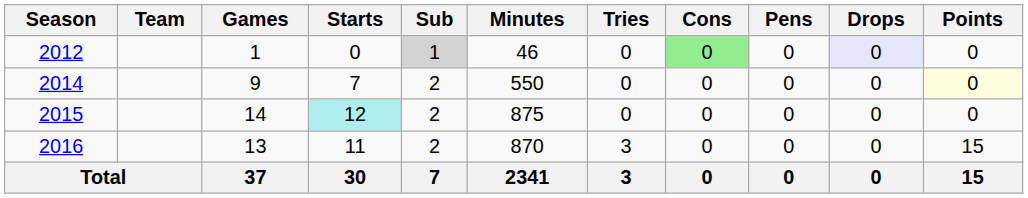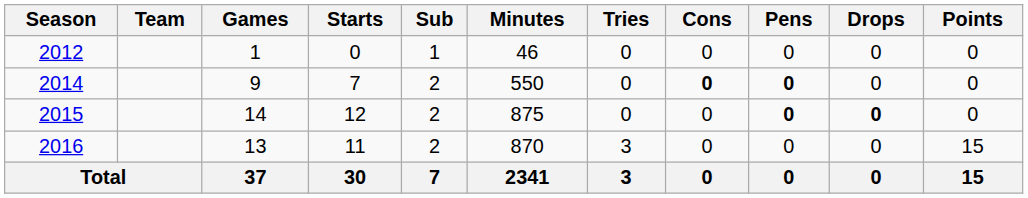 <table class="wikitable" style="text-align:center; width:65%;">
 <tr>
 <th>Season</th>
 <th>Team</th>
 <th>Games</th>
 <th>Starts</th>
 <th>Sub</th>
 <th>Minutes</th>
 <th>Tries</th>
 <th>Cons</th>
 <th>Pens</th>
 <th>Drops</th>
 <th>Points</th>
 </tr>
 <tr>
 <td><a href='#'>2012</a></td>
 <td></td>
 <td>1</td>
 <td>0</td>
-<td style="background: lightgrey;">1</td>
+<td>1</td>
 <td>46</td>
 <td>0</td>
-<td style="background: lightgreen;">0</td>
 <td>0</td>
-<td style="background: lavender;">0</td>
+<td>0</td>
+<td>0</td>
 <td>0</td>
 </tr>
 <tr>
 <td><a href='#'>2014</a></td>
 <td></td>
 <td>9</td>
 <td>7</td>
 <td>2</td>
 <td>550</td>
 <td>0</td>
+<td><strong>0</strong></td>
+<td><strong>0</strong></td>
 <td>0</td>
 <td>0</td>
-<td>0</td>
-<td style="background: lightyellow;">0</td>
 </tr>
 <tr>
 <td><a href='#'>2015</a></td>
 <td></td>
 <td>14</td>
-<td style="background: paleturquoise;">12</td>
+<td>12</td>
 <td>2</td>
 <td>875</td>
 <td>0</td>
 <td>0</td>
-<td>0</td>
-<td>0</td>
+<td><strong>0</strong></td>
+<td><strong>0</strong></td>
 <td>0</td>
 </tr>
 <tr>
 <td><a href='#'>2016</a></td>
 <td></td>
 <td>13</td>
 <td>11</td>
 <td>2</td>
 <td>870</td>
 <td>3</td>
 <td>0</td>
 <td>0</td>
 <td>0</td>
 <td>15</td>
 </tr>
 <tr>
 <th colspan="2">Total</th>
 <th>37</th>
 <th>30</th>
 <th>7</th>
 <th>2341</th>
 <th>3</th>
 <th>0</th>
 <th>0</th>
 <th>0</th>
 <th>15</th>
 </tr>
 </table>
